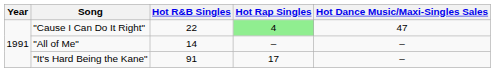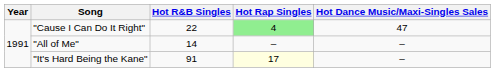 <table class="wikitable">
 <tr>
 <th>Year</th>
 <th>Song</th>
 <th><a href='#'>Hot R&B Singles</a></th>
 <th><a href='#'>Hot Rap Singles</a></th>
 <th><a href='#'>Hot Dance Music/Maxi-Singles Sales</a></th>
 </tr>
 <tr>
 <td rowspan="3">1991</td>
 <td>"Cause I Can Do It Right"</td>
 <td align=center>22</td>
 <td align=center style="background: lightgreen;">4</td>
 <td align=center>47</td>
 </tr>
 <tr>
 <td>"All of Me"</td>
 <td align=center>14</td>
 <td align=center>–</td>
 <td align=center>–</td>
 </tr>
 <tr>
 <td>"It's Hard Being the Kane"</td>
 <td align=center>91</td>
-<td align=center>17</td>
+<td align=center style="background: lightyellow;">17</td>
 <td align=center>–</td>
 </tr>
 </table>
